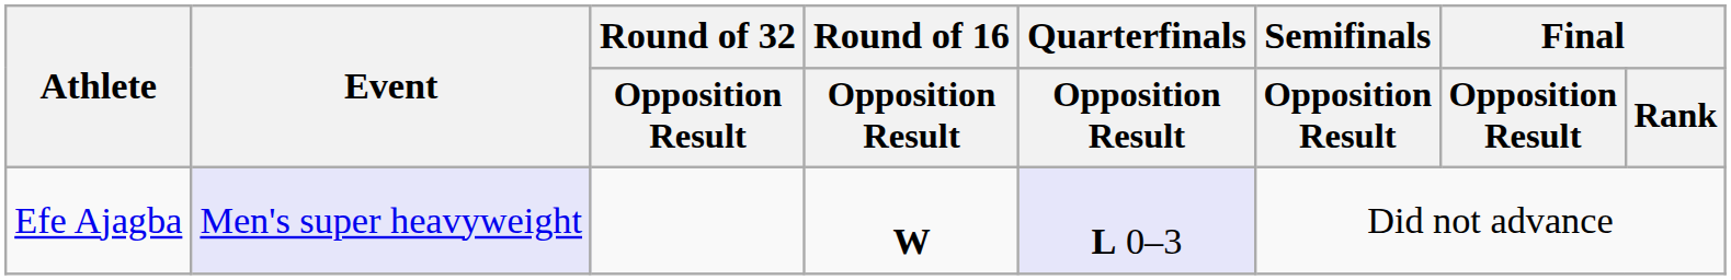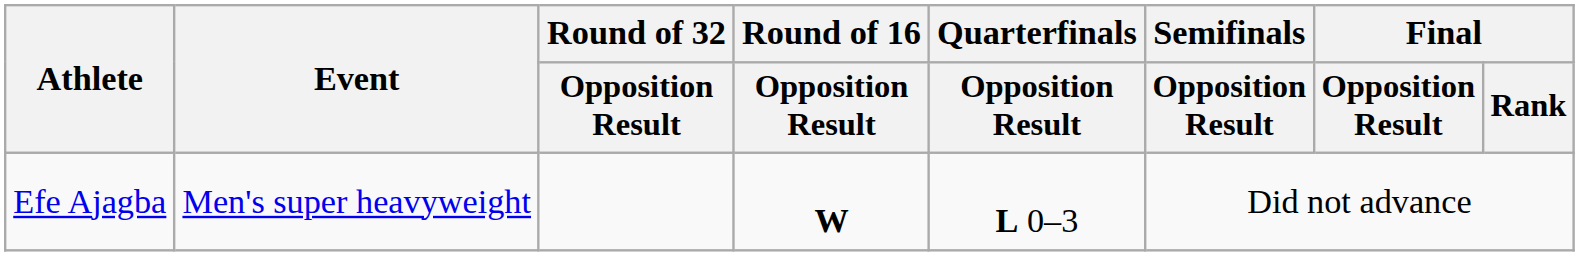 <table class="wikitable" style="font-size:90%">
 <tr>
 <th rowspan="2">Athlete</th>
 <th rowspan="2">Event</th>
 <th>Round of 32</th>
 <th>Round of 16</th>
 <th>Quarterfinals</th>
 <th>Semifinals</th>
 <th colspan=2>Final</th>
 </tr>
 <tr style="font-size:95%">
 <th>Opposition<br>Result</th>
 <th>Opposition<br>Result</th>
 <th>Opposition<br>Result</th>
 <th>Opposition<br>Result</th>
 <th>Opposition<br>Result</th>
 <th>Rank</th>
 </tr>
 <tr align=center>
 <td align=left><a href='#'>Efe Ajagba</a></td>
-<td align=left style="background: lavender;"><a href='#'>Men's super heavyweight</a></td>
+<td align=left><a href='#'>Men's super heavyweight</a></td>
 <td></td>
 <td><br><strong>W</strong> </td>
-<td style="background: lavender;"><br><strong>L</strong> 0–3</td>
+<td><br><strong>L</strong> 0–3</td>
 <td colspan=3>Did not advance</td>
 </tr>
 </table>
